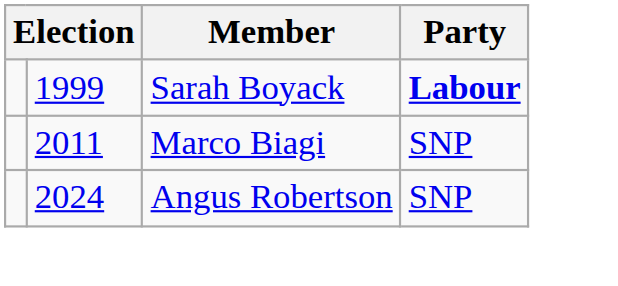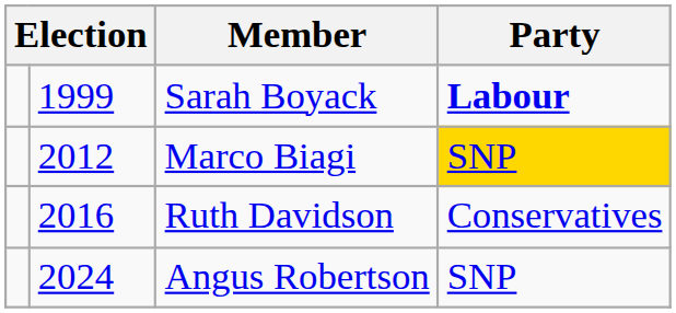 <table class="wikitable">
 <tr>
 <th colspan="2">Election</th>
 <th>Member</th>
 <th>Party</th>
 </tr>
 <tr>
 <td style="background-color: "></td>
 <td><a href='#'>1999</a></td>
 <td><a href='#'>Sarah Boyack</a></td>
 <td><strong><a href='#'>Labour</a></strong></td>
 </tr>
 <tr>
 <td style="background-color: "></td>
-<td><a href='#'>2011</a></td>
+<td><a href='#'>2012</a></td>
 <td><a href='#'>Marco Biagi</a></td>
-<td><a href='#'>SNP</a></td>
+<td style="background: gold;"><a href='#'>SNP</a></td>
+</tr>
+<tr>
+<td style="background-color: "></td>
+<td><a href='#'>2016</a></td>
+<td><a href='#'>Ruth Davidson</a></td>
+<td><a href='#'>Conservatives</a></td>
 </tr>
 <tr>
 <td style="background-color: "></td>
 <td><a href='#'>2024</a></td>
 <td><a href='#'>Angus Robertson</a></td>
 <td><a href='#'>SNP</a></td>
 </tr>
 </table>
